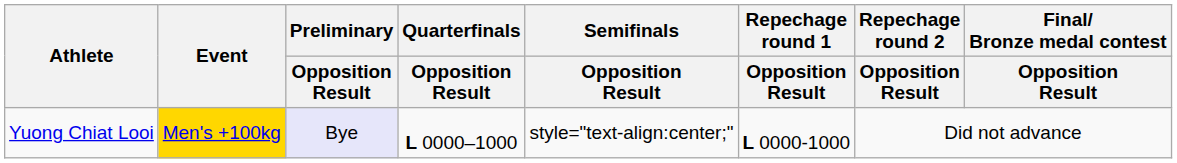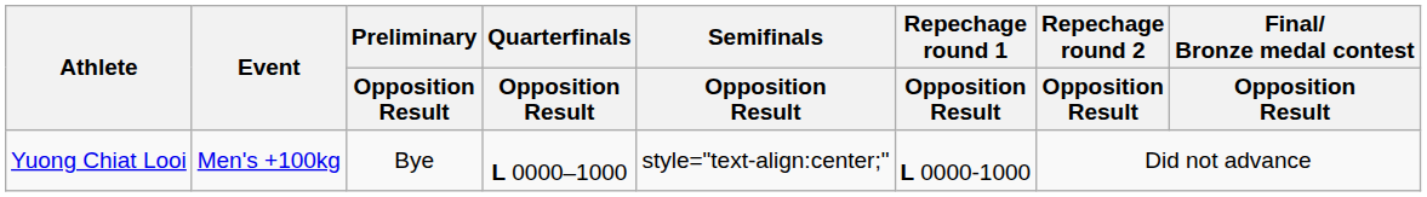 <table class=wikitable style="font-size:90%">
 <tr>
 <th rowspan="2">Athlete</th>
 <th rowspan="2">Event</th>
 <th>Preliminary</th>
 <th>Quarterfinals</th>
 <th>Semifinals</th>
 <th>Repechage <br>round 1</th>
 <th>Repechage <br>round 2</th>
 <th>Final/<br>Bronze medal contest</th>
 </tr>
 <tr>
 <th>Opposition<br>Result</th>
 <th>Opposition<br>Result</th>
 <th>Opposition<br>Result</th>
 <th>Opposition<br>Result</th>
 <th>Opposition<br>Result</th>
 <th>Opposition<br>Result</th>
 </tr>
 <tr>
 <td><a href='#'>Yuong Chiat Looi</a></td>
-<td style="background: gold; text-align:center;"><a href='#'>Men's +100kg</a></td>
-<td style="background: lavender; text-align:center;">Bye</td>
+<td style="text-align:center;"><a href='#'>Men's +100kg</a></td>
+<td style="text-align:center;">Bye</td>
 <td style="text-align:center;"><br> <strong>L</strong> 0000–1000</td>
 <td>style="text-align:center;" </td>
 <td style="text-align:center;"><br> <strong>L</strong> 0000-1000</td>
 <td style="text-align:center;" colspan="2">Did not advance</td>
 </tr>
 </table>
